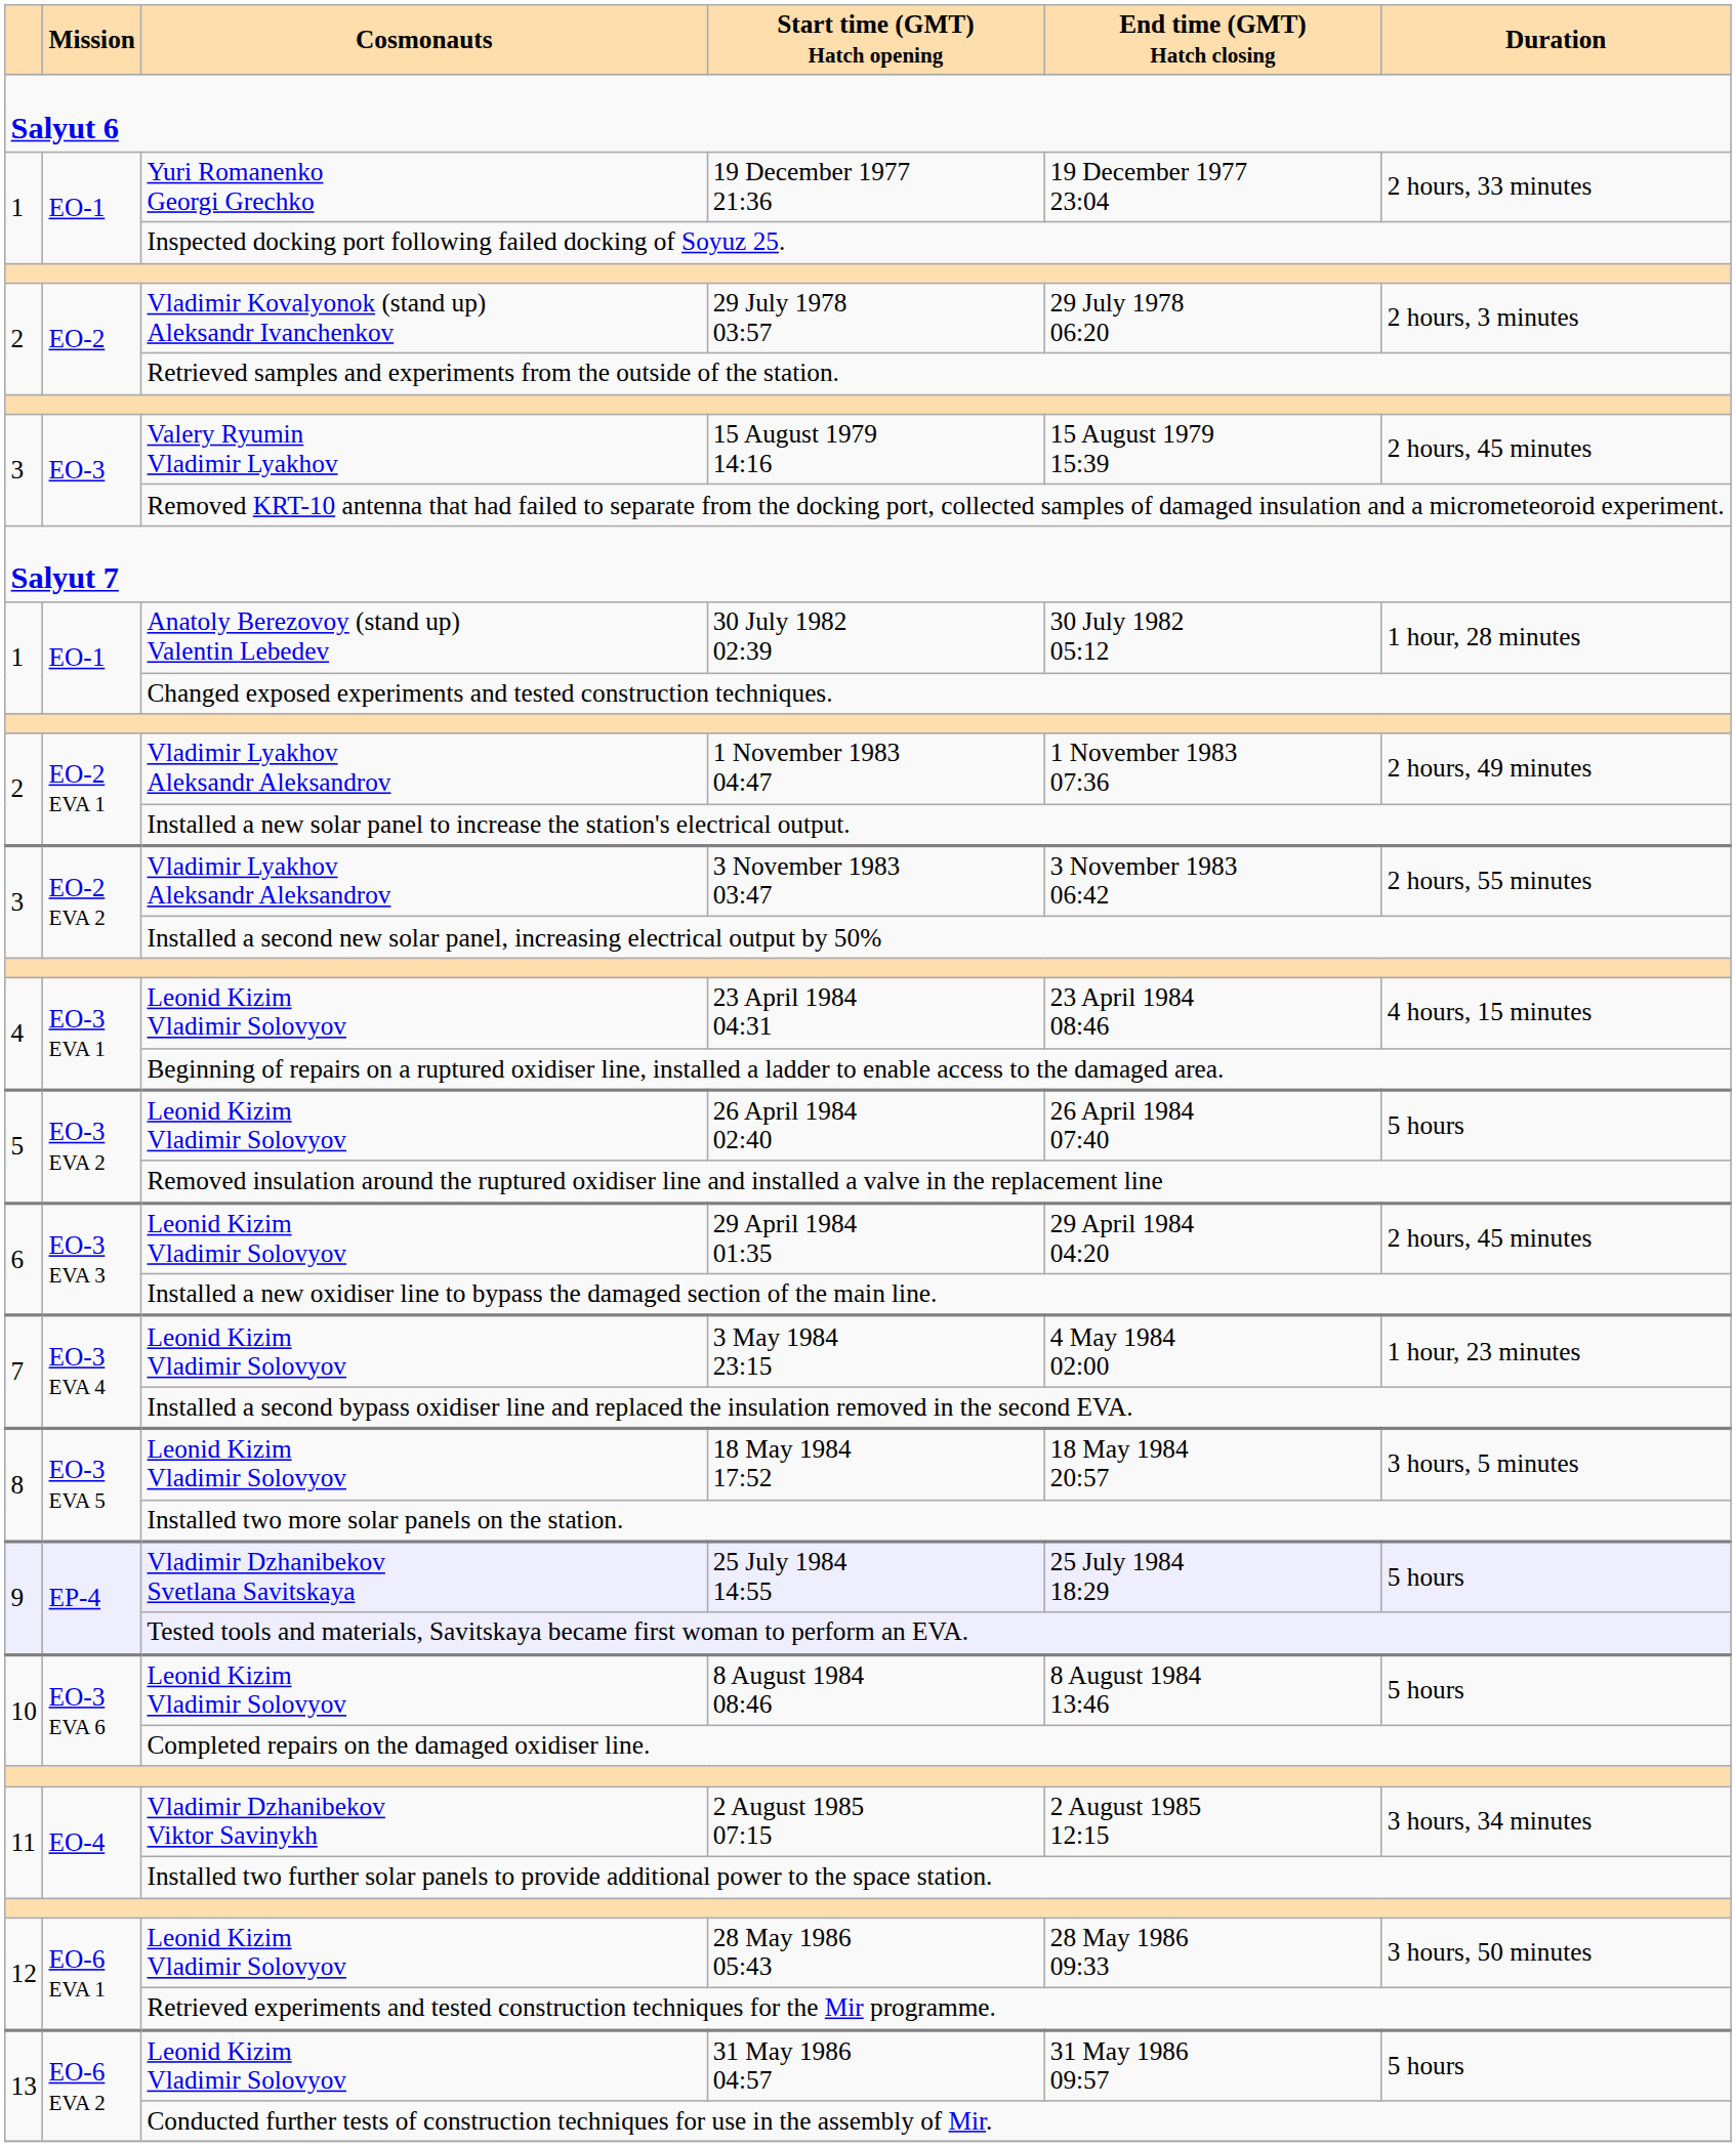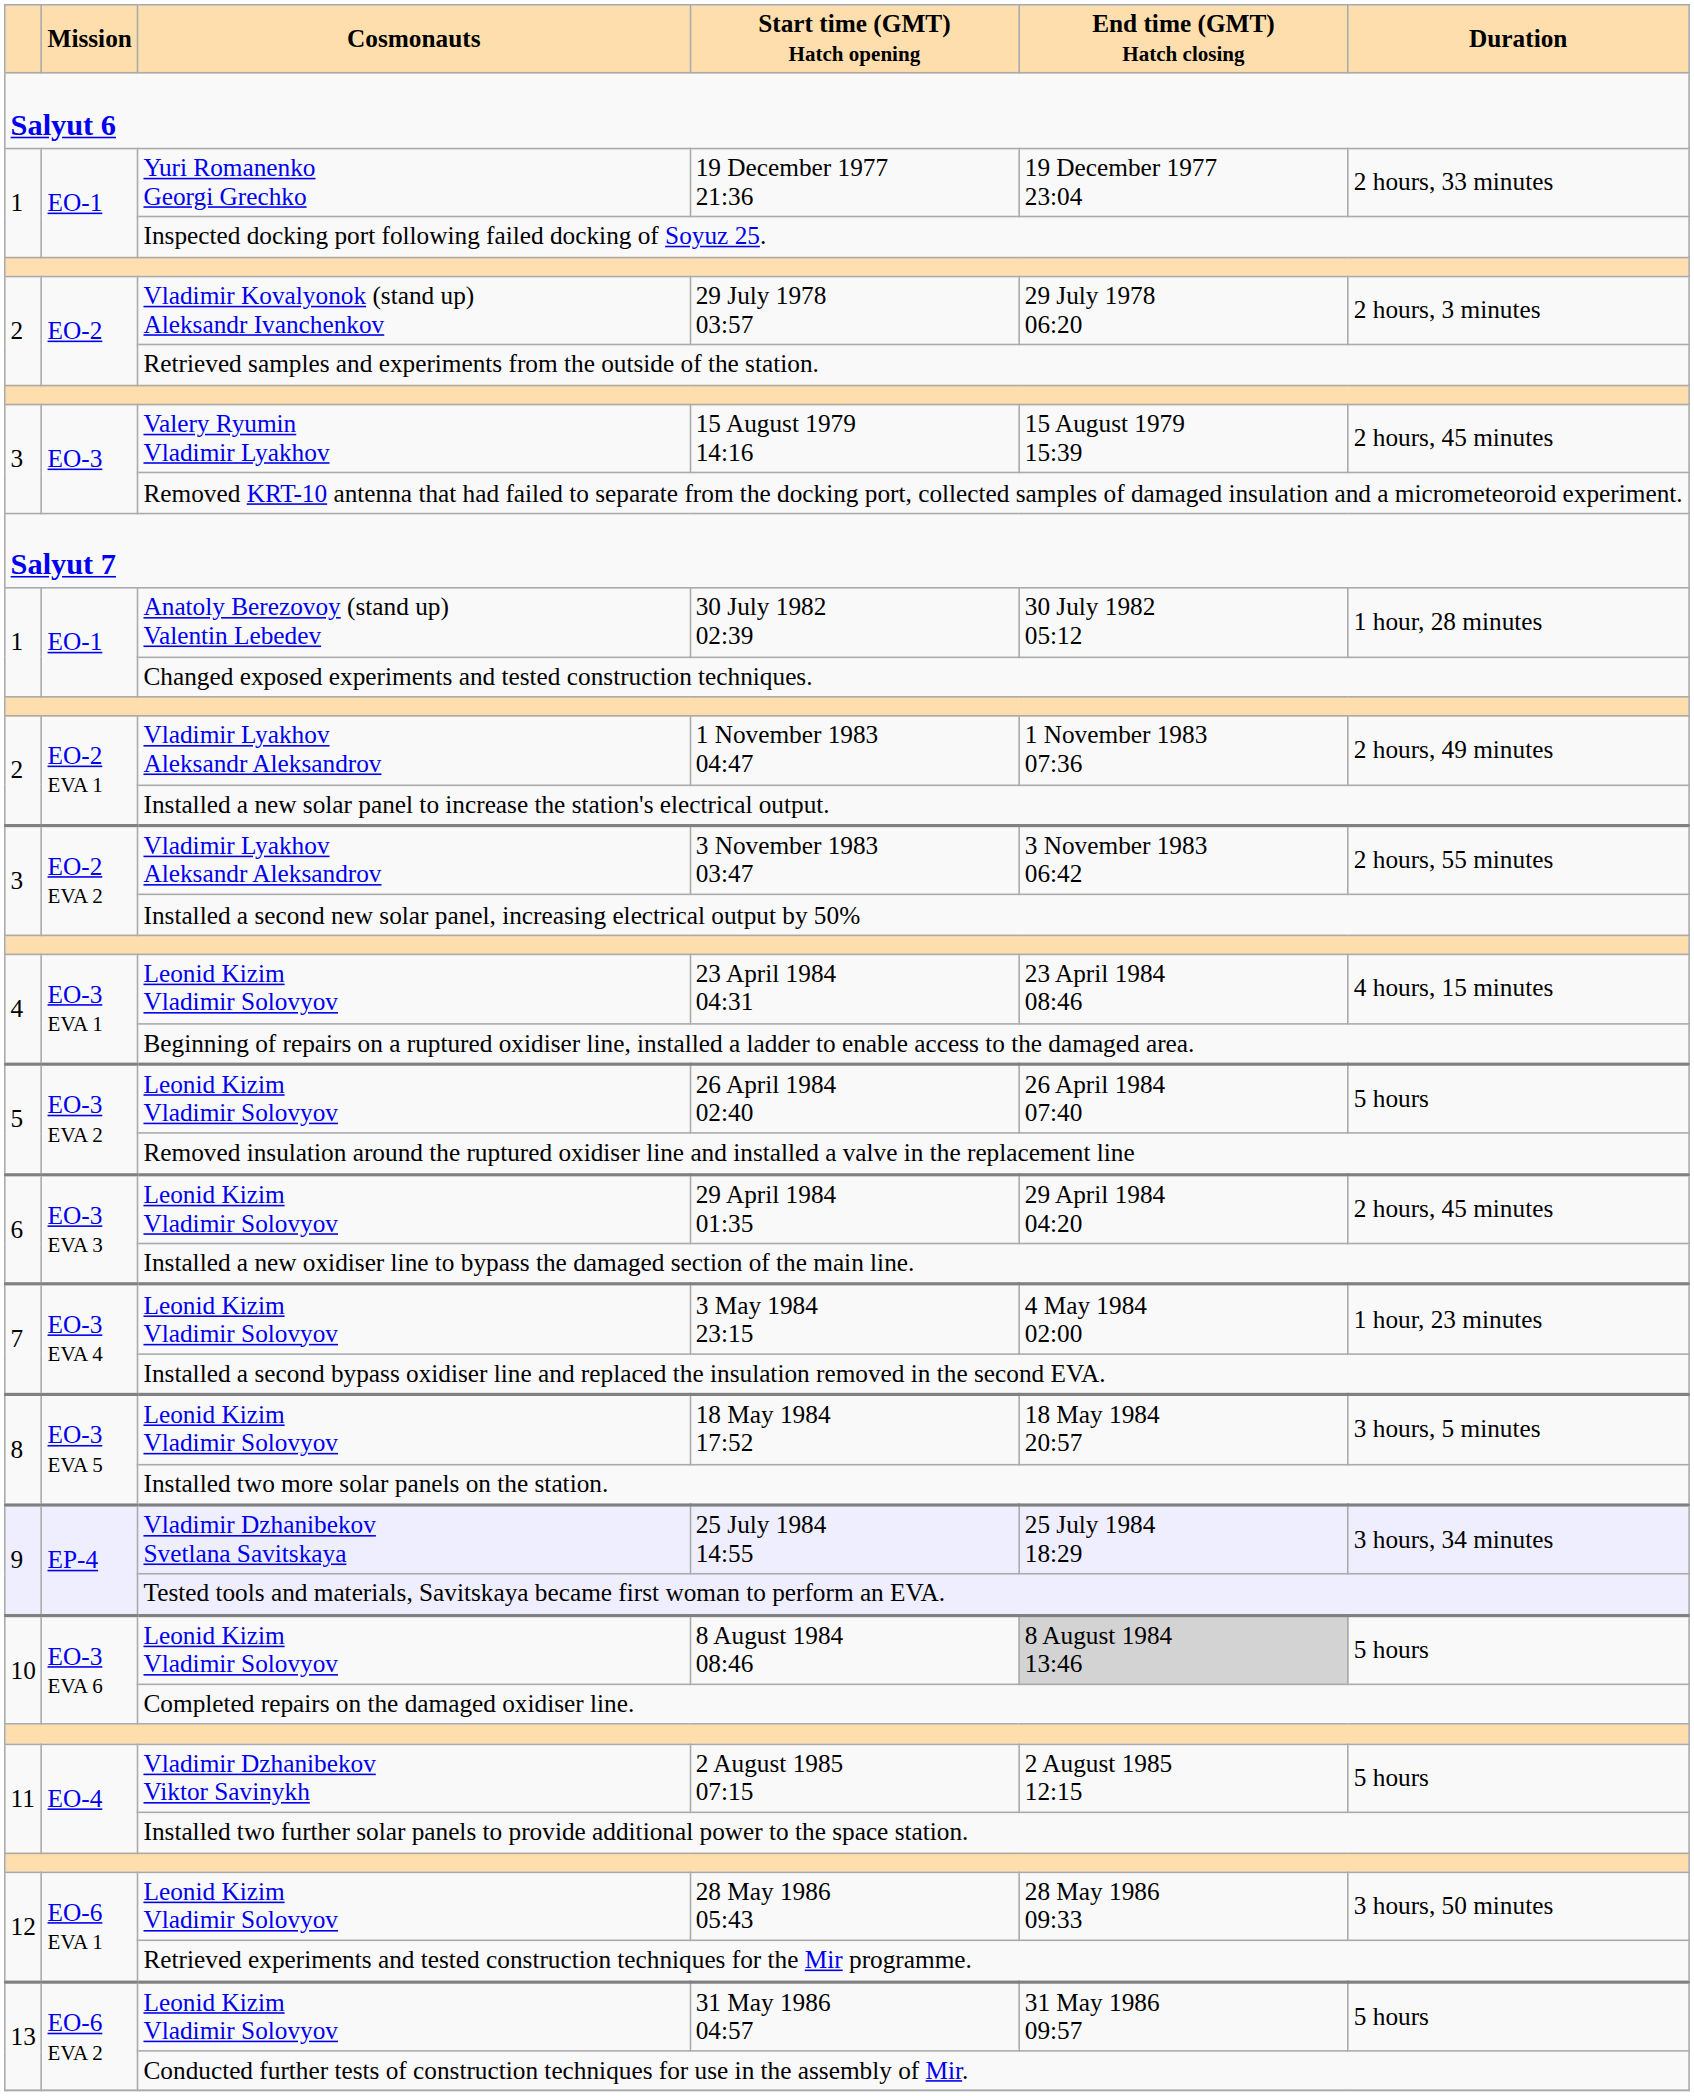 <table class="wikitable sticky-header">
 <tr>
 <th style="background-color:#ffdead"></th>
 <th style="background-color:#ffdead;">Mission</th>
 <th style="background-color:#ffdead;">Cosmonauts</th>
 <th style="background-color:#ffdead;">Start time (GMT)<br><small>Hatch opening</small></th>
 <th style="background-color:#ffdead;">End time (GMT)<br><small>Hatch closing</small></th>
 <th style="background-color:#ffdead;">Duration</th>
 </tr>
 <tr>
 <td colspan=6><br><big><strong><a href='#'>Salyut 6</a></strong></big></td>
 </tr>
 <tr>
 <td rowspan="2">1</td>
 <td rowspan="2"><a href='#'>EO-1</a></td>
 <td><a href='#'>Yuri Romanenko</a><br><a href='#'>Georgi Grechko</a></td>
 <td>19 December 1977<br>21:36</td>
 <td>19 December 1977<br>23:04</td>
 <td>2 hours, 33 minutes</td>
 </tr>
 <tr>
 <td colspan="4">Inspected docking port following failed docking of <a href='#'>Soyuz 25</a>.</td>
 </tr>
 <tr>
 <td colspan="6" bgcolor=#ffdeaf height="5px"></td>
 </tr>
 <tr>
 <td rowspan="2">2</td>
 <td rowspan="2"><a href='#'>EO-2</a></td>
 <td><a href='#'>Vladimir Kovalyonok</a> (stand up)<br><a href='#'>Aleksandr Ivanchenkov</a></td>
 <td>29 July 1978<br>03:57</td>
 <td>29 July 1978<br>06:20</td>
 <td>2 hours, 3 minutes</td>
 </tr>
 <tr>
 <td colspan="4">Retrieved samples and experiments from the outside of the station.</td>
 </tr>
 <tr>
 <td colspan="6" bgcolor=#ffdead height="5px"></td>
 </tr>
 <tr>
 <td rowspan="2">3</td>
 <td rowspan="2"><a href='#'>EO-3</a></td>
 <td><a href='#'>Valery Ryumin</a><br><a href='#'>Vladimir Lyakhov</a></td>
 <td>15 August 1979<br>14:16</td>
 <td>15 August 1979<br>15:39</td>
 <td>2 hours, 45 minutes</td>
 </tr>
 <tr>
 <td colspan="4">Removed <a href='#'>KRT-10</a> antenna that had failed to separate from the docking port, collected samples of damaged insulation and a micrometeoroid experiment.</td>
 </tr>
 <tr>
 <td colspan=6><br><big><strong><a href='#'>Salyut 7</a></strong></big></td>
 </tr>
 <tr>
 <td rowspan="2">1</td>
 <td rowspan="2"><a href='#'>EO-1</a></td>
 <td><a href='#'>Anatoly Berezovoy</a> (stand up)<br><a href='#'>Valentin Lebedev</a></td>
 <td>30 July 1982<br>02:39</td>
 <td>30 July 1982<br>05:12</td>
 <td>1 hour, 28 minutes</td>
 </tr>
 <tr>
 <td colspan="4">Changed exposed experiments and tested construction techniques.</td>
 </tr>
 <tr>
 <td colspan="6" bgcolor=#ffdead height="5px"></td>
 </tr>
 <tr>
 <td rowspan="2" style="border-bottom:2px solid grey;">2</td>
 <td rowspan="2" style="border-bottom:2px solid grey;"><a href='#'>EO-2</a><br><small>EVA 1</small></td>
 <td><a href='#'>Vladimir Lyakhov</a><br><a href='#'>Aleksandr Aleksandrov</a></td>
 <td>1 November 1983<br>04:47</td>
 <td>1 November 1983<br>07:36</td>
 <td>2 hours, 49 minutes</td>
 </tr>
 <tr>
 <td colspan="4" style="border-bottom:2px solid grey;">Installed a new solar panel to increase the station's electrical output.</td>
 </tr>
 <tr>
 <td rowspan="2">3</td>
 <td rowspan="2"><a href='#'>EO-2</a><br><small>EVA 2</small></td>
 <td><a href='#'>Vladimir Lyakhov</a><br><a href='#'>Aleksandr Aleksandrov</a></td>
 <td>3 November 1983<br>03:47</td>
 <td>3 November 1983<br>06:42</td>
 <td>2 hours, 55 minutes</td>
 </tr>
 <tr>
 <td colspan="4">Installed a second new solar panel, increasing electrical output by 50%</td>
 </tr>
 <tr>
 <td colspan="6" bgcolor=#ffdead height="5px"></td>
 </tr>
 <tr>
 <td rowspan="2" style="border-bottom:2px solid grey;">4</td>
 <td rowspan="2" style="border-bottom:2px solid grey;"><a href='#'>EO-3</a><br><small>EVA 1</small></td>
 <td><a href='#'>Leonid Kizim</a><br><a href='#'>Vladimir Solovyov</a></td>
 <td>23 April 1984<br>04:31</td>
 <td>23 April 1984<br>08:46</td>
 <td>4 hours, 15 minutes</td>
 </tr>
 <tr>
 <td colspan="4" style="border-bottom:2px solid grey;">Beginning of repairs on a ruptured oxidiser line, installed a ladder to enable access to the damaged area.</td>
 </tr>
 <tr>
 <td rowspan="2" style="border-bottom:2px solid grey;">5</td>
 <td rowspan="2" style="border-bottom:2px solid grey;"><a href='#'>EO-3</a><br><small>EVA 2</small></td>
 <td><a href='#'>Leonid Kizim</a><br><a href='#'>Vladimir Solovyov</a></td>
 <td>26 April 1984<br>02:40</td>
 <td>26 April 1984<br>07:40</td>
 <td>5 hours</td>
 </tr>
 <tr>
 <td colspan="4" style="border-bottom:2px solid grey;">Removed insulation around the ruptured oxidiser line and installed a valve in the replacement line</td>
 </tr>
 <tr>
 <td rowspan="2" style="border-bottom:2px solid grey;">6</td>
 <td rowspan="2" style="border-bottom:2px solid grey;"><a href='#'>EO-3</a><br><small>EVA 3</small></td>
 <td><a href='#'>Leonid Kizim</a><br><a href='#'>Vladimir Solovyov</a></td>
 <td>29 April 1984<br>01:35</td>
 <td>29 April 1984<br>04:20</td>
 <td>2 hours, 45 minutes</td>
 </tr>
 <tr>
 <td colspan="4" style="border-bottom:2px solid grey;">Installed a new oxidiser line to bypass the damaged section of the main line.</td>
 </tr>
 <tr>
 <td rowspan="2" style="border-bottom:2px solid grey;">7</td>
 <td rowspan="2" style="border-bottom:2px solid grey;"><a href='#'>EO-3</a><br><small>EVA 4</small></td>
 <td><a href='#'>Leonid Kizim</a><br><a href='#'>Vladimir Solovyov</a></td>
 <td>3 May 1984<br>23:15</td>
 <td>4 May 1984<br>02:00</td>
 <td>1 hour, 23 minutes</td>
 </tr>
 <tr>
 <td colspan="4" style="border-bottom:2px solid grey;">Installed a second bypass oxidiser line and replaced the insulation removed in the second EVA.</td>
 </tr>
 <tr>
 <td rowspan="2" style="border-bottom:2px solid grey;">8</td>
 <td rowspan="2" style="border-bottom:2px solid grey;"><a href='#'>EO-3</a><br><small>EVA 5</small></td>
 <td><a href='#'>Leonid Kizim</a><br><a href='#'>Vladimir Solovyov</a></td>
 <td>18 May 1984<br>17:52</td>
 <td>18 May 1984<br>20:57</td>
 <td>3 hours, 5 minutes</td>
 </tr>
 <tr>
 <td colspan="4" style="border-bottom:2px solid grey;">Installed two more solar panels on the station.</td>
 </tr>
 <tr bgcolor=#eeeeff>
 <td rowspan="2" style="border-bottom:2px solid grey;">9</td>
 <td rowspan="2" style="border-bottom:2px solid grey;"><a href='#'>EP-4</a></td>
 <td><a href='#'>Vladimir Dzhanibekov</a><br><a href='#'>Svetlana Savitskaya</a></td>
 <td>25 July 1984<br>14:55</td>
 <td>25 July 1984<br>18:29</td>
-<td>5 hours</td>
+<td>3 hours, 34 minutes</td>
 </tr>
 <tr bgcolor=#eeeeff>
 <td colspan="4" style="border-bottom:2px solid grey;">Tested tools and materials, Savitskaya became first woman to perform an EVA.</td>
 </tr>
 <tr>
 <td rowspan="2">10</td>
 <td rowspan="2"><a href='#'>EO-3</a><br><small>EVA 6</small></td>
 <td><a href='#'>Leonid Kizim</a><br><a href='#'>Vladimir Solovyov</a></td>
 <td>8 August 1984<br>08:46</td>
-<td>8 August 1984<br>13:46</td>
+<td style="background: lightgrey;">8 August 1984<br>13:46</td>
 <td>5 hours</td>
 </tr>
 <tr>
 <td colspan="4">Completed repairs on the damaged oxidiser line.</td>
 </tr>
 <tr>
 <td colspan="6" bgcolor=#ffdead height="5px"></td>
 </tr>
 <tr>
 <td rowspan="2">11</td>
 <td rowspan="2"><a href='#'>EO-4</a></td>
 <td><a href='#'>Vladimir Dzhanibekov</a><br><a href='#'>Viktor Savinykh</a></td>
 <td>2 August 1985<br>07:15</td>
 <td>2 August 1985<br>12:15</td>
-<td>3 hours, 34 minutes</td>
+<td>5 hours</td>
 </tr>
 <tr>
 <td colspan="4">Installed two further solar panels to provide additional power to the space station.</td>
 </tr>
 <tr>
 <td colspan="6" bgcolor=#ffdead height="5px"></td>
 </tr>
 <tr>
 <td rowspan="2" style="border-bottom:2px solid grey;">12</td>
 <td rowspan="2" style="border-bottom:2px solid grey;"><a href='#'>EO-6</a><br><small>EVA 1</small></td>
 <td><a href='#'>Leonid Kizim</a><br><a href='#'>Vladimir Solovyov</a></td>
 <td>28 May 1986<br>05:43</td>
 <td>28 May 1986<br>09:33</td>
 <td>3 hours, 50 minutes</td>
 </tr>
 <tr>
 <td colspan="4" style="border-bottom:2px solid grey;">Retrieved experiments and tested construction techniques for the <a href='#'>Mir</a> programme.</td>
 </tr>
 <tr>
 <td rowspan="2">13</td>
 <td rowspan="2"><a href='#'>EO-6</a><br><small>EVA 2</small></td>
 <td><a href='#'>Leonid Kizim</a><br><a href='#'>Vladimir Solovyov</a></td>
 <td>31 May 1986<br>04:57</td>
 <td>31 May 1986<br>09:57</td>
 <td>5 hours</td>
 </tr>
 <tr>
 <td colspan="4">Conducted further tests of construction techniques for use in the assembly of <a href='#'>Mir</a>.</td>
 </tr>
 <tr>
 </tr>
 </table>
